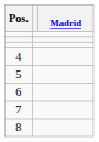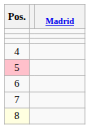 <table class="wikitable sortable" style="text-align:center;">
 <tr bgcolor="#efefef">
 <th style="width:2em;">Pos.</th>
 <th></th>
 <th style="width:5.2em;;font-size:85%;vertical-align:top;padding-left:4px;;padding-right:4px;;"><br><a href='#'>Madrid</a></th>
 </tr>
 <tr>
 <td></td>
 <td colspan="2" align="left"></td>
 </tr>
 <tr>
 <td></td>
 <td colspan="2" align="left"></td>
 </tr>
 <tr>
 <td></td>
 <td colspan="2" align="left"></td>
 </tr>
 <tr>
 <td>4</td>
 <td colspan="2" align="left"></td>
 </tr>
 <tr>
-<td>5</td>
+<td style="background: pink;">5</td>
 <td colspan="2" align="left"></td>
 </tr>
 <tr>
 <td>6</td>
 <td colspan="2" align="left"></td>
 </tr>
 <tr>
 <td>7</td>
 <td colspan="2" align="left"></td>
 </tr>
 <tr>
-<td>8</td>
+<td style="background: lightyellow;">8</td>
 <td colspan="2" align="left"></td>
 </tr>
 </table>
